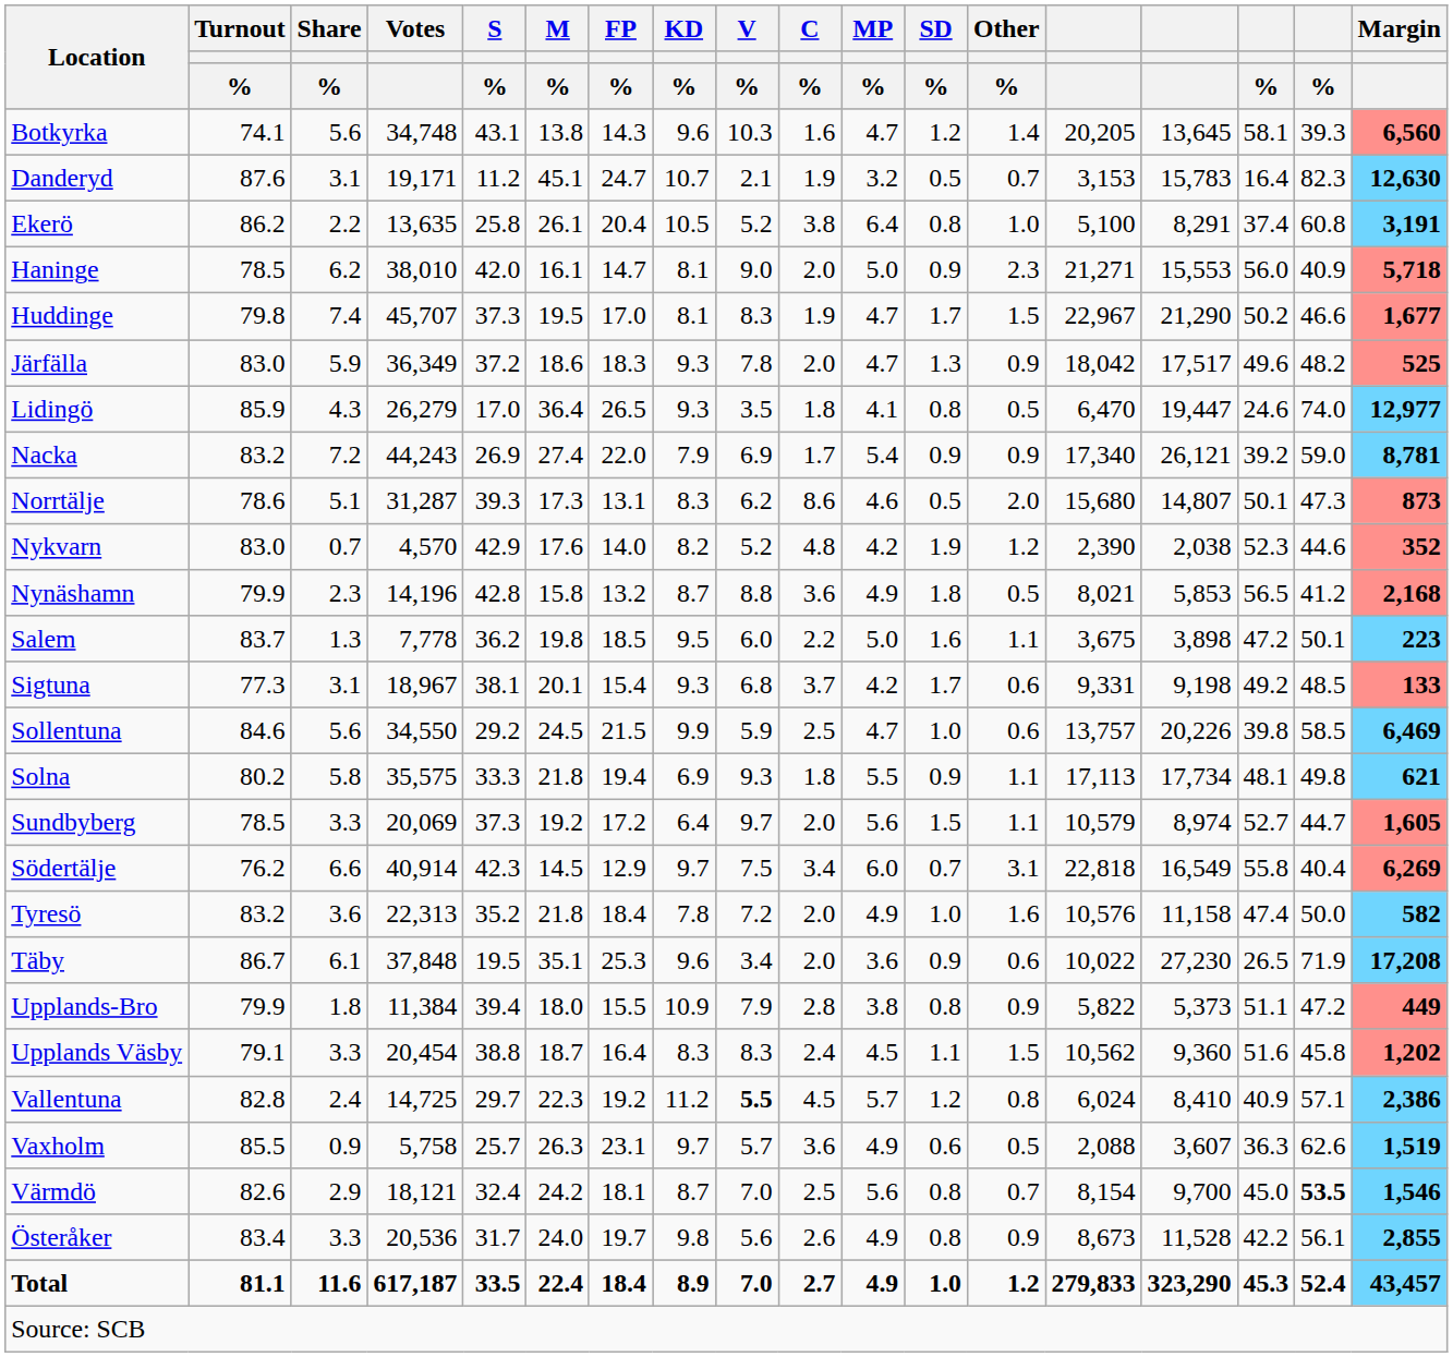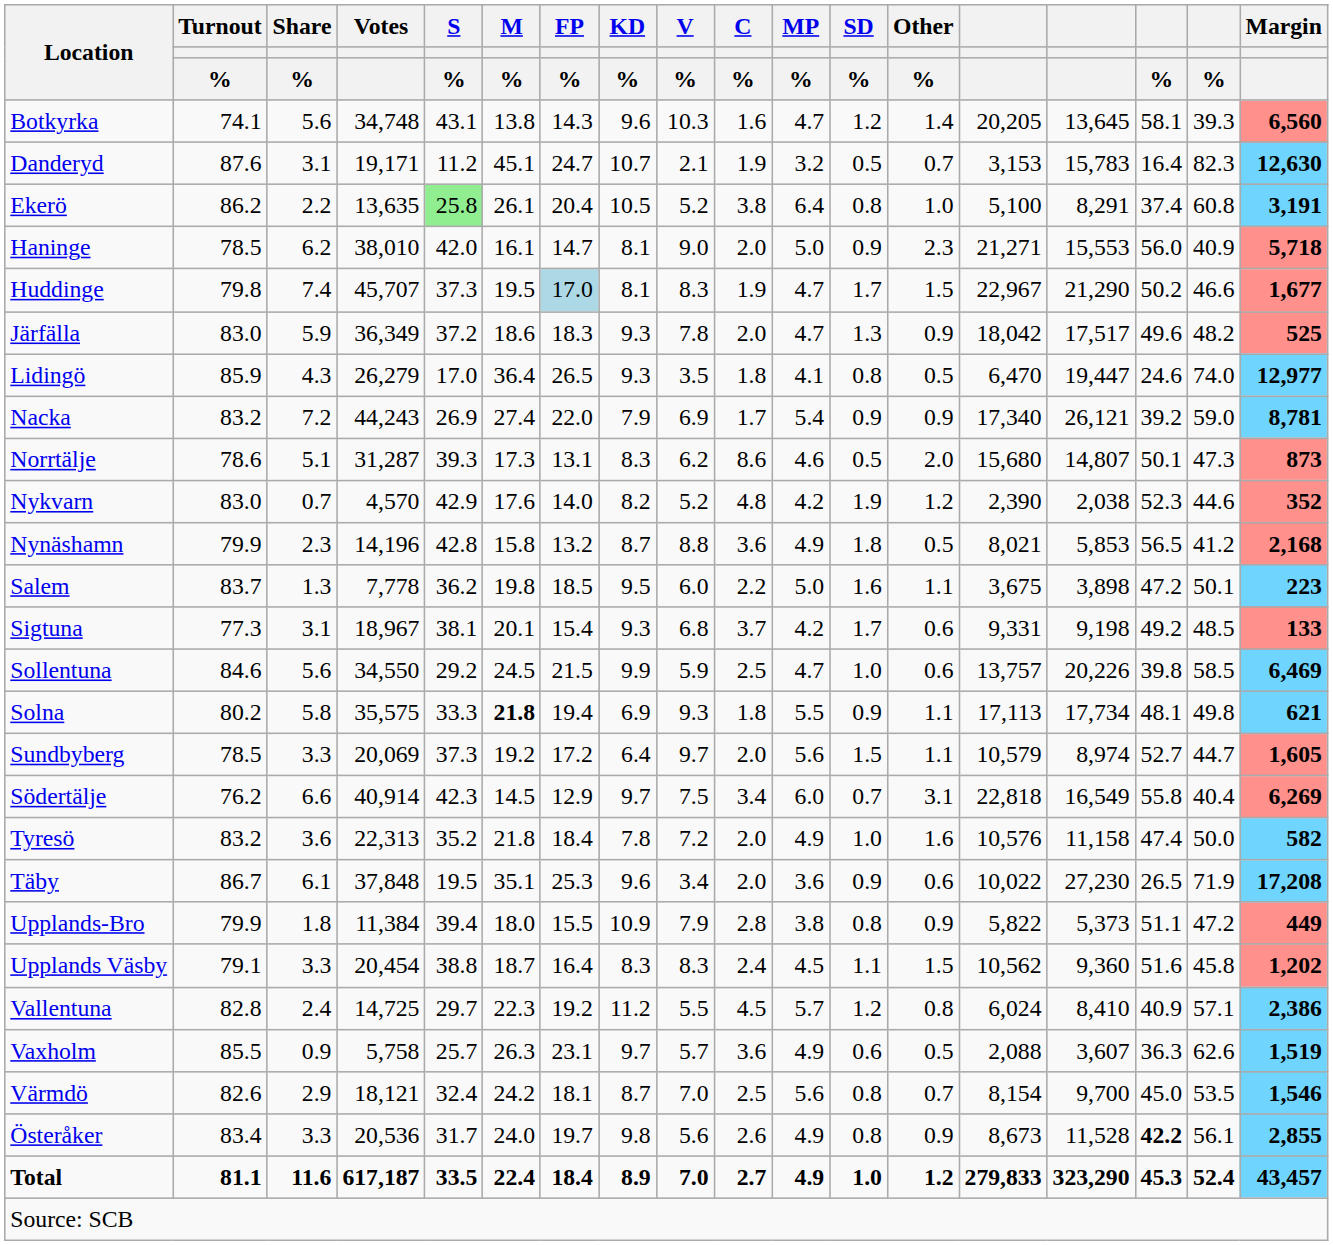 <table class="wikitable sortable" style="text-align:right; font-size:95%; line-height:20px;">
 <tr>
 <th rowspan="3">Location</th>
 <th>Turnout</th>
 <th>Share</th>
 <th>Votes</th>
 <th width="30px" class="unsortable"><a href='#'>S</a></th>
 <th width="30px" class="unsortable"><a href='#'>M</a></th>
 <th width="30px" class="unsortable"><a href='#'>FP</a></th>
 <th width="30px" class="unsortable"><a href='#'>KD</a></th>
 <th width="30px" class="unsortable"><a href='#'>V</a></th>
 <th width="30px" class="unsortable"><a href='#'>C</a></th>
 <th width="30px" class="unsortable"><a href='#'>MP</a></th>
 <th width="30px" class="unsortable"><a href='#'>SD</a></th>
 <th width="30px" class="unsortable">Other</th>
 <th></th>
 <th></th>
 <th></th>
 <th></th>
 <th>Margin</th>
 </tr>
 <tr>
 <th></th>
 <th></th>
 <th></th>
 <th style="background:"></th>
 <th style="background:"></th>
 <th style="background:"></th>
 <th style="background:"></th>
 <th style="background:"></th>
 <th style="background:"></th>
 <th style="background:"></th>
 <th style="background:"></th>
 <th style="background:"></th>
 <th style="background:"></th>
 <th style="background:"></th>
 <th style="background:"></th>
 <th style="background:"></th>
 <th></th>
 </tr>
 <tr>
 <th data-sort-type="number">%</th>
 <th data-sort-type="number">%</th>
 <th></th>
 <th data-sort-type="number">%</th>
 <th data-sort-type="number">%</th>
 <th data-sort-type="number">%</th>
 <th data-sort-type="number">%</th>
 <th data-sort-type="number">%</th>
 <th data-sort-type="number">%</th>
 <th data-sort-type="number">%</th>
 <th data-sort-type="number">%</th>
 <th data-sort-type="number">%</th>
 <th data-sort-type="number"></th>
 <th data-sort-type="number"></th>
 <th data-sort-type="number">%</th>
 <th data-sort-type="number">%</th>
 <th data-sort-type="number"></th>
 </tr>
 <tr>
 <td align=left><a href='#'>Botkyrka</a></td>
 <td>74.1</td>
 <td>5.6</td>
 <td>34,748</td>
 <td>43.1</td>
 <td>13.8</td>
 <td>14.3</td>
 <td>9.6</td>
 <td>10.3</td>
 <td>1.6</td>
 <td>4.7</td>
 <td>1.2</td>
 <td>1.4</td>
 <td>20,205</td>
 <td>13,645</td>
 <td>58.1</td>
 <td>39.3</td>
 <td bgcolor=#ff908c><strong>6,560</strong></td>
 </tr>
 <tr>
 <td align=left><a href='#'>Danderyd</a></td>
 <td>87.6</td>
 <td>3.1</td>
 <td>19,171</td>
 <td>11.2</td>
 <td>45.1</td>
 <td>24.7</td>
 <td>10.7</td>
 <td>2.1</td>
 <td>1.9</td>
 <td>3.2</td>
 <td>0.5</td>
 <td>0.7</td>
 <td>3,153</td>
 <td>15,783</td>
 <td>16.4</td>
 <td>82.3</td>
 <td bgcolor=#6fd5fe><strong>12,630</strong></td>
 </tr>
 <tr>
 <td align=left><a href='#'>Ekerö</a></td>
 <td>86.2</td>
 <td>2.2</td>
 <td>13,635</td>
-<td>25.8</td>
+<td style="background: lightgreen;">25.8</td>
 <td>26.1</td>
 <td>20.4</td>
 <td>10.5</td>
 <td>5.2</td>
 <td>3.8</td>
 <td>6.4</td>
 <td>0.8</td>
 <td>1.0</td>
 <td>5,100</td>
 <td>8,291</td>
 <td>37.4</td>
 <td>60.8</td>
 <td bgcolor=#6fd5fe><strong>3,191</strong></td>
 </tr>
 <tr>
 <td align=left><a href='#'>Haninge</a></td>
 <td>78.5</td>
 <td>6.2</td>
 <td>38,010</td>
 <td>42.0</td>
 <td>16.1</td>
 <td>14.7</td>
 <td>8.1</td>
 <td>9.0</td>
 <td>2.0</td>
 <td>5.0</td>
 <td>0.9</td>
 <td>2.3</td>
 <td>21,271</td>
 <td>15,553</td>
 <td>56.0</td>
 <td>40.9</td>
 <td bgcolor=#ff908c><strong>5,718</strong></td>
 </tr>
 <tr>
 <td align=left><a href='#'>Huddinge</a></td>
 <td>79.8</td>
 <td>7.4</td>
 <td>45,707</td>
 <td>37.3</td>
 <td>19.5</td>
-<td>17.0</td>
+<td style="background: lightblue;">17.0</td>
 <td>8.1</td>
 <td>8.3</td>
 <td>1.9</td>
 <td>4.7</td>
 <td>1.7</td>
 <td>1.5</td>
 <td>22,967</td>
 <td>21,290</td>
 <td>50.2</td>
 <td>46.6</td>
 <td bgcolor=#ff908c><strong>1,677</strong></td>
 </tr>
 <tr>
 <td align=left><a href='#'>Järfälla</a></td>
 <td>83.0</td>
 <td>5.9</td>
 <td>36,349</td>
 <td>37.2</td>
 <td>18.6</td>
 <td>18.3</td>
 <td>9.3</td>
 <td>7.8</td>
 <td>2.0</td>
 <td>4.7</td>
 <td>1.3</td>
 <td>0.9</td>
 <td>18,042</td>
 <td>17,517</td>
 <td>49.6</td>
 <td>48.2</td>
 <td bgcolor=#ff908c><strong>525</strong></td>
 </tr>
 <tr>
 <td align=left><a href='#'>Lidingö</a></td>
 <td>85.9</td>
 <td>4.3</td>
 <td>26,279</td>
 <td>17.0</td>
 <td>36.4</td>
 <td>26.5</td>
 <td>9.3</td>
 <td>3.5</td>
 <td>1.8</td>
 <td>4.1</td>
 <td>0.8</td>
 <td>0.5</td>
 <td>6,470</td>
 <td>19,447</td>
 <td>24.6</td>
 <td>74.0</td>
 <td bgcolor=#6fd5fe><strong>12,977</strong></td>
 </tr>
 <tr>
 <td align=left><a href='#'>Nacka</a></td>
 <td>83.2</td>
 <td>7.2</td>
 <td>44,243</td>
 <td>26.9</td>
 <td>27.4</td>
 <td>22.0</td>
 <td>7.9</td>
 <td>6.9</td>
 <td>1.7</td>
 <td>5.4</td>
 <td>0.9</td>
 <td>0.9</td>
 <td>17,340</td>
 <td>26,121</td>
 <td>39.2</td>
 <td>59.0</td>
 <td bgcolor=#6fd5fe><strong>8,781</strong></td>
 </tr>
 <tr>
 <td align=left><a href='#'>Norrtälje</a></td>
 <td>78.6</td>
 <td>5.1</td>
 <td>31,287</td>
 <td>39.3</td>
 <td>17.3</td>
 <td>13.1</td>
 <td>8.3</td>
 <td>6.2</td>
 <td>8.6</td>
 <td>4.6</td>
 <td>0.5</td>
 <td>2.0</td>
 <td>15,680</td>
 <td>14,807</td>
 <td>50.1</td>
 <td>47.3</td>
 <td bgcolor=#ff908c><strong>873</strong></td>
 </tr>
 <tr>
 <td align=left><a href='#'>Nykvarn</a></td>
 <td>83.0</td>
 <td>0.7</td>
 <td>4,570</td>
 <td>42.9</td>
 <td>17.6</td>
 <td>14.0</td>
 <td>8.2</td>
 <td>5.2</td>
 <td>4.8</td>
 <td>4.2</td>
 <td>1.9</td>
 <td>1.2</td>
 <td>2,390</td>
 <td>2,038</td>
 <td>52.3</td>
 <td>44.6</td>
 <td bgcolor=#ff908c><strong>352</strong></td>
 </tr>
 <tr>
 <td align=left><a href='#'>Nynäshamn</a></td>
 <td>79.9</td>
 <td>2.3</td>
 <td>14,196</td>
 <td>42.8</td>
 <td>15.8</td>
 <td>13.2</td>
 <td>8.7</td>
 <td>8.8</td>
 <td>3.6</td>
 <td>4.9</td>
 <td>1.8</td>
 <td>0.5</td>
 <td>8,021</td>
 <td>5,853</td>
 <td>56.5</td>
 <td>41.2</td>
 <td bgcolor=#ff908c><strong>2,168</strong></td>
 </tr>
 <tr>
 <td align=left><a href='#'>Salem</a></td>
 <td>83.7</td>
 <td>1.3</td>
 <td>7,778</td>
 <td>36.2</td>
 <td>19.8</td>
 <td>18.5</td>
 <td>9.5</td>
 <td>6.0</td>
 <td>2.2</td>
 <td>5.0</td>
 <td>1.6</td>
 <td>1.1</td>
 <td>3,675</td>
 <td>3,898</td>
 <td>47.2</td>
 <td>50.1</td>
 <td bgcolor=#6fd5fe><strong>223</strong></td>
 </tr>
 <tr>
 <td align=left><a href='#'>Sigtuna</a></td>
 <td>77.3</td>
 <td>3.1</td>
 <td>18,967</td>
 <td>38.1</td>
 <td>20.1</td>
 <td>15.4</td>
 <td>9.3</td>
 <td>6.8</td>
 <td>3.7</td>
 <td>4.2</td>
 <td>1.7</td>
 <td>0.6</td>
 <td>9,331</td>
 <td>9,198</td>
 <td>49.2</td>
 <td>48.5</td>
 <td bgcolor=#ff908c><strong>133</strong></td>
 </tr>
 <tr>
 <td align=left><a href='#'>Sollentuna</a></td>
 <td>84.6</td>
 <td>5.6</td>
 <td>34,550</td>
 <td>29.2</td>
 <td>24.5</td>
 <td>21.5</td>
 <td>9.9</td>
 <td>5.9</td>
 <td>2.5</td>
 <td>4.7</td>
 <td>1.0</td>
 <td>0.6</td>
 <td>13,757</td>
 <td>20,226</td>
 <td>39.8</td>
 <td>58.5</td>
 <td bgcolor=#6fd5fe><strong>6,469</strong></td>
 </tr>
 <tr>
 <td align=left><a href='#'>Solna</a></td>
 <td>80.2</td>
 <td>5.8</td>
 <td>35,575</td>
 <td>33.3</td>
-<td>21.8</td>
+<td><strong>21.8</strong></td>
 <td>19.4</td>
 <td>6.9</td>
 <td>9.3</td>
 <td>1.8</td>
 <td>5.5</td>
 <td>0.9</td>
 <td>1.1</td>
 <td>17,113</td>
 <td>17,734</td>
 <td>48.1</td>
 <td>49.8</td>
 <td bgcolor=#6fd5fe><strong>621</strong></td>
 </tr>
 <tr>
 <td align=left><a href='#'>Sundbyberg</a></td>
 <td>78.5</td>
 <td>3.3</td>
 <td>20,069</td>
 <td>37.3</td>
 <td>19.2</td>
 <td>17.2</td>
 <td>6.4</td>
 <td>9.7</td>
 <td>2.0</td>
 <td>5.6</td>
 <td>1.5</td>
 <td>1.1</td>
 <td>10,579</td>
 <td>8,974</td>
 <td>52.7</td>
 <td>44.7</td>
 <td bgcolor=#ff908c><strong>1,605</strong></td>
 </tr>
 <tr>
 <td align=left><a href='#'>Södertälje</a></td>
 <td>76.2</td>
 <td>6.6</td>
 <td>40,914</td>
 <td>42.3</td>
 <td>14.5</td>
 <td>12.9</td>
 <td>9.7</td>
 <td>7.5</td>
 <td>3.4</td>
 <td>6.0</td>
 <td>0.7</td>
 <td>3.1</td>
 <td>22,818</td>
 <td>16,549</td>
 <td>55.8</td>
 <td>40.4</td>
 <td bgcolor=#ff908c><strong>6,269</strong></td>
 </tr>
 <tr>
 <td align=left><a href='#'>Tyresö</a></td>
 <td>83.2</td>
 <td>3.6</td>
 <td>22,313</td>
 <td>35.2</td>
 <td>21.8</td>
 <td>18.4</td>
 <td>7.8</td>
 <td>7.2</td>
 <td>2.0</td>
 <td>4.9</td>
 <td>1.0</td>
 <td>1.6</td>
 <td>10,576</td>
 <td>11,158</td>
 <td>47.4</td>
 <td>50.0</td>
 <td bgcolor=#6fd5fe><strong>582</strong></td>
 </tr>
 <tr>
 <td align=left><a href='#'>Täby</a></td>
 <td>86.7</td>
 <td>6.1</td>
 <td>37,848</td>
 <td>19.5</td>
 <td>35.1</td>
 <td>25.3</td>
 <td>9.6</td>
 <td>3.4</td>
 <td>2.0</td>
 <td>3.6</td>
 <td>0.9</td>
 <td>0.6</td>
 <td>10,022</td>
 <td>27,230</td>
 <td>26.5</td>
 <td>71.9</td>
 <td bgcolor=#6fd5fe><strong>17,208</strong></td>
 </tr>
 <tr>
 <td align=left><a href='#'>Upplands-Bro</a></td>
 <td>79.9</td>
 <td>1.8</td>
 <td>11,384</td>
 <td>39.4</td>
 <td>18.0</td>
 <td>15.5</td>
 <td>10.9</td>
 <td>7.9</td>
 <td>2.8</td>
 <td>3.8</td>
 <td>0.8</td>
 <td>0.9</td>
 <td>5,822</td>
 <td>5,373</td>
 <td>51.1</td>
 <td>47.2</td>
 <td bgcolor=#ff908c><strong>449</strong></td>
 </tr>
 <tr>
 <td align=left><a href='#'>Upplands Väsby</a></td>
 <td>79.1</td>
 <td>3.3</td>
 <td>20,454</td>
 <td>38.8</td>
 <td>18.7</td>
 <td>16.4</td>
 <td>8.3</td>
 <td>8.3</td>
 <td>2.4</td>
 <td>4.5</td>
 <td>1.1</td>
 <td>1.5</td>
 <td>10,562</td>
 <td>9,360</td>
 <td>51.6</td>
 <td>45.8</td>
 <td bgcolor=#ff908c><strong>1,202</strong></td>
 </tr>
 <tr>
 <td align=left><a href='#'>Vallentuna</a></td>
 <td>82.8</td>
 <td>2.4</td>
 <td>14,725</td>
 <td>29.7</td>
 <td>22.3</td>
 <td>19.2</td>
 <td>11.2</td>
-<td><strong>5.5</strong></td>
+<td>5.5</td>
 <td>4.5</td>
 <td>5.7</td>
 <td>1.2</td>
 <td>0.8</td>
 <td>6,024</td>
 <td>8,410</td>
 <td>40.9</td>
 <td>57.1</td>
 <td bgcolor=#6fd5fe><strong>2,386</strong></td>
 </tr>
 <tr>
 <td align=left><a href='#'>Vaxholm</a></td>
 <td>85.5</td>
 <td>0.9</td>
 <td>5,758</td>
 <td>25.7</td>
 <td>26.3</td>
 <td>23.1</td>
 <td>9.7</td>
 <td>5.7</td>
 <td>3.6</td>
 <td>4.9</td>
 <td>0.6</td>
 <td>0.5</td>
 <td>2,088</td>
 <td>3,607</td>
 <td>36.3</td>
 <td>62.6</td>
 <td bgcolor=#6fd5fe><strong>1,519</strong></td>
 </tr>
 <tr>
 <td align=left><a href='#'>Värmdö</a></td>
 <td>82.6</td>
 <td>2.9</td>
 <td>18,121</td>
 <td>32.4</td>
 <td>24.2</td>
 <td>18.1</td>
 <td>8.7</td>
 <td>7.0</td>
 <td>2.5</td>
 <td>5.6</td>
 <td>0.8</td>
 <td>0.7</td>
 <td>8,154</td>
 <td>9,700</td>
 <td>45.0</td>
-<td><strong>53.5</strong></td>
+<td>53.5</td>
 <td bgcolor=#6fd5fe><strong>1,546</strong></td>
 </tr>
 <tr>
 <td align=left><a href='#'>Österåker</a></td>
 <td>83.4</td>
 <td>3.3</td>
 <td>20,536</td>
 <td>31.7</td>
 <td>24.0</td>
 <td>19.7</td>
 <td>9.8</td>
 <td>5.6</td>
 <td>2.6</td>
 <td>4.9</td>
 <td>0.8</td>
 <td>0.9</td>
 <td>8,673</td>
 <td>11,528</td>
-<td>42.2</td>
+<td><strong>42.2</strong></td>
 <td>56.1</td>
 <td bgcolor=#6fd5fe><strong>2,855</strong></td>
 </tr>
 <tr>
 <td align=left><strong>Total</strong></td>
 <td><strong>81.1</strong></td>
 <td><strong>11.6</strong></td>
 <td><strong>617,187</strong></td>
 <td><strong>33.5</strong></td>
 <td><strong>22.4</strong></td>
 <td><strong>18.4</strong></td>
 <td><strong>8.9</strong></td>
 <td><strong>7.0</strong></td>
 <td><strong>2.7</strong></td>
 <td><strong>4.9</strong></td>
 <td><strong>1.0</strong></td>
 <td><strong>1.2</strong></td>
 <td><strong>279,833</strong></td>
 <td><strong>323,290</strong></td>
 <td><strong>45.3</strong></td>
 <td><strong>52.4</strong></td>
 <td bgcolor=#6fd5fe><strong>43,457</strong></td>
 </tr>
 <tr>
 <td align=left colspan=18>Source: SCB </td>
 </tr>
 </table>
